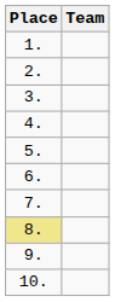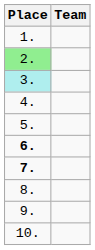 <table class="wikitable" style="text-align: center;">
 <tr>
 <th>Place</th>
 <th>Team</th>
 </tr>
 <tr>
 <td>1.</td>
 <td style="text-align:left;"></td>
 </tr>
 <tr>
-<td>2.</td>
+<td style="background: lightgreen;">2.</td>
 <td style="text-align:left;"></td>
 </tr>
 <tr>
-<td>3.</td>
+<td style="background: paleturquoise;">3.</td>
 <td style="text-align:left;"></td>
 </tr>
 <tr>
 <td>4.</td>
 <td style="text-align:left;"></td>
 </tr>
 <tr>
 <td>5.</td>
 <td style="text-align:left;"></td>
 </tr>
 <tr>
-<td>6.</td>
+<td><strong>6.</strong></td>
 <td style="text-align:left;"></td>
 </tr>
 <tr>
-<td>7.</td>
+<td><strong>7.</strong></td>
 <td style="text-align:left;"></td>
 </tr>
 <tr>
-<td style="background: khaki;">8.</td>
+<td>8.</td>
 <td style="text-align:left;"></td>
 </tr>
 <tr>
 <td>9.</td>
 <td style="text-align:left;"></td>
 </tr>
 <tr>
 <td>10.</td>
 <td style="text-align:left;"></td>
 </tr>
 </table>
